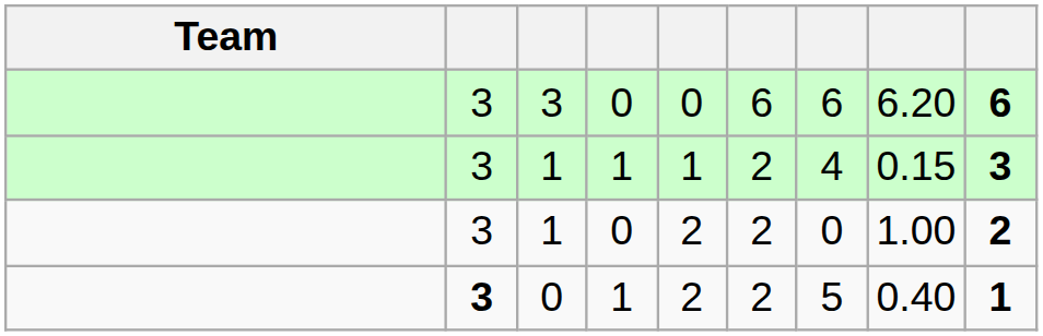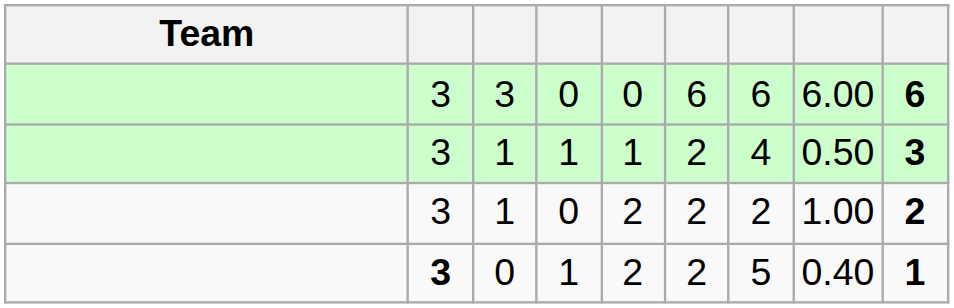 <table class="wikitable" style="text-align:center;">
 <tr>
 <th width=165>Team</th>
 <th width=20></th>
 <th width=20></th>
 <th width=20></th>
 <th width=20></th>
 <th width=20></th>
 <th width=20></th>
 <th width=20></th>
 <th width=20></th>
 </tr>
 <tr style="background:#cfc;">
 <td align="left"></td>
 <td>3</td>
 <td>3</td>
 <td>0</td>
 <td>0</td>
 <td>6</td>
 <td>6</td>
-<td>6.20</td>
+<td>6.00</td>
 <td><strong>6</strong></td>
 </tr>
 <tr style="background:#cfc;">
 <td align="left"></td>
 <td>3</td>
 <td>1</td>
 <td>1</td>
 <td>1</td>
 <td>2</td>
 <td>4</td>
-<td>0.15</td>
+<td>0.50</td>
 <td><strong>3</strong></td>
 </tr>
 <tr>
 <td align="left"></td>
 <td>3</td>
 <td>1</td>
 <td>0</td>
 <td>2</td>
 <td>2</td>
-<td>0</td>
+<td>2</td>
 <td>1.00</td>
 <td><strong>2</strong></td>
 </tr>
 <tr>
 <td align="left"></td>
 <td><strong>3</strong></td>
 <td>0</td>
 <td>1</td>
 <td>2</td>
 <td>2</td>
 <td>5</td>
 <td>0.40</td>
 <td><strong>1</strong></td>
 </tr>
 </table>
